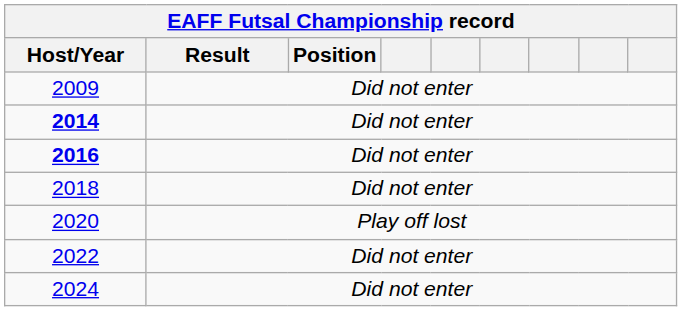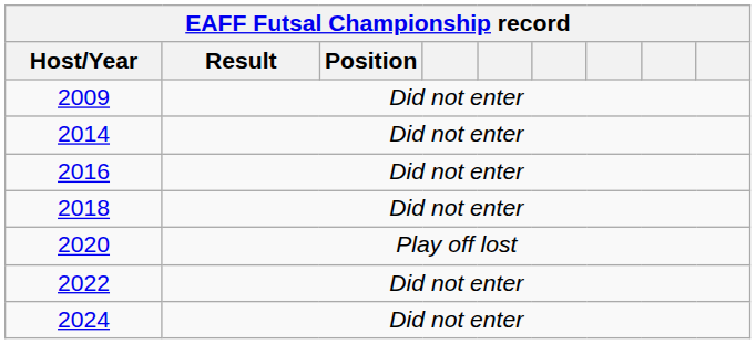 <table class="wikitable" style="text-align: center;">
 <tr>
 <th colspan=9 style="background:color: #0000FF;"><a href='#'>EAFF Futsal Championship</a> record</th>
 </tr>
 <tr>
 <th style="width:100px;">Host/Year</th>
 <th style="width:100px;">Result</th>
 <th style="width:60px;">Position</th>
 <th style="width:30px;"></th>
 <th style="width:30px;"></th>
 <th style="width:30px;"></th>
 <th style="width:30px;"></th>
 <th style="width:30px;"></th>
 <th style="width:30px;"></th>
 </tr>
 <tr>
 <td> <a href='#'>2009</a></td>
 <td colspan=8><em>Did not enter</em></td>
 </tr>
 <tr>
-<td><strong> <a href='#'>2014</a></strong></td>
+<td> <a href='#'>2014</a></td>
 <td colspan=8><em>Did not enter</em></td>
 </tr>
 <tr>
-<td><strong><a href='#'>2016</a></strong></td>
+<td><a href='#'>2016</a></td>
 <td colspan=8><em>Did not enter</em></td>
 </tr>
 <tr>
 <td><a href='#'>2018</a></td>
 <td colspan=8><em>Did not enter</em></td>
 </tr>
 <tr>
 <td><a href='#'>2020</a></td>
 <td colspan=8><em>Play off lost</em></td>
 </tr>
 <tr>
 <td><a href='#'>2022</a></td>
 <td colspan=8><em>Did not enter</em></td>
 </tr>
 <tr>
 <td>    <a href='#'>2024</a></td>
 <td colspan=8><em>Did not enter</em></td>
 </tr>
 </table>
